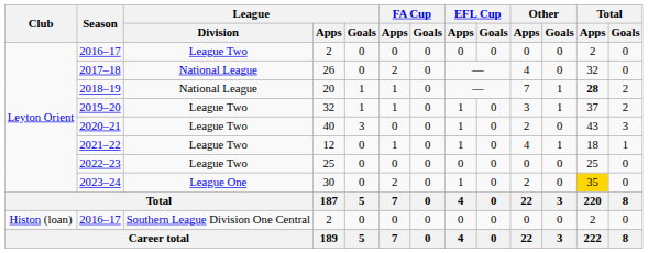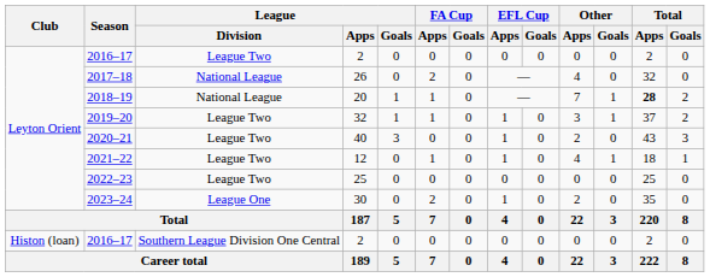 <table class="wikitable" style="text-align:center">
 <tr>
 <th rowspan="2">Club</th>
 <th rowspan="2">Season</th>
 <th colspan="3">League</th>
 <th colspan="2"><a href='#'>FA Cup</a></th>
 <th colspan="2"><a href='#'>EFL Cup</a></th>
 <th colspan="2">Other</th>
 <th colspan="2">Total</th>
 </tr>
 <tr>
 <th>Division</th>
 <th>Apps</th>
 <th>Goals</th>
 <th>Apps</th>
 <th>Goals</th>
 <th>Apps</th>
 <th>Goals</th>
 <th>Apps</th>
 <th>Goals</th>
 <th>Apps</th>
 <th>Goals</th>
 </tr>
 <tr>
 <td rowspan="8"><a href='#'>Leyton Orient</a></td>
 <td><a href='#'>2016–17</a></td>
 <td><a href='#'>League Two</a></td>
 <td>2</td>
 <td>0</td>
 <td>0</td>
 <td>0</td>
 <td>0</td>
 <td>0</td>
 <td>0</td>
 <td>0</td>
 <td>2</td>
 <td>0</td>
 </tr>
 <tr>
 <td><a href='#'>2017–18</a></td>
 <td><a href='#'>National League</a></td>
 <td>26</td>
 <td>0</td>
 <td>2</td>
 <td>0</td>
 <td colspan="2">—</td>
 <td>4</td>
 <td>0</td>
 <td>32</td>
 <td>0</td>
 </tr>
 <tr>
 <td><a href='#'>2018–19</a></td>
 <td>National League</td>
 <td>20</td>
 <td>1</td>
 <td>1</td>
 <td>0</td>
 <td colspan="2">—</td>
 <td>7</td>
 <td>1</td>
 <td><strong>28</strong></td>
 <td>2</td>
 </tr>
 <tr>
 <td><a href='#'>2019–20</a></td>
 <td>League Two</td>
 <td>32</td>
 <td>1</td>
 <td>1</td>
 <td>0</td>
 <td>1</td>
 <td>0</td>
 <td>3</td>
 <td>1</td>
 <td>37</td>
 <td>2</td>
 </tr>
 <tr>
 <td><a href='#'>2020–21</a></td>
 <td>League Two</td>
 <td>40</td>
 <td>3</td>
 <td>0</td>
 <td>0</td>
 <td>1</td>
 <td>0</td>
 <td>2</td>
 <td>0</td>
 <td>43</td>
 <td>3</td>
 </tr>
 <tr>
 <td><a href='#'>2021–22</a></td>
 <td>League Two</td>
 <td>12</td>
 <td>0</td>
 <td>1</td>
 <td>0</td>
 <td>1</td>
 <td>0</td>
 <td>4</td>
 <td>1</td>
 <td>18</td>
 <td>1</td>
 </tr>
 <tr>
 <td><a href='#'>2022–23</a></td>
 <td>League Two</td>
 <td>25</td>
 <td>0</td>
 <td>0</td>
 <td>0</td>
 <td>0</td>
 <td>0</td>
 <td>0</td>
 <td>0</td>
 <td>25</td>
 <td>0</td>
 </tr>
 <tr>
 <td><a href='#'>2023–24</a></td>
 <td><a href='#'>League One</a></td>
 <td>30</td>
 <td>0</td>
 <td>2</td>
 <td>0</td>
 <td>1</td>
 <td>0</td>
 <td>2</td>
 <td>0</td>
-<td style="background: gold;">35</td>
+<td>35</td>
 <td>0</td>
 </tr>
 <tr>
 <th colspan="3">Total</th>
 <th>187</th>
 <th>5</th>
 <th>7</th>
 <th>0</th>
 <th>4</th>
 <th>0</th>
 <th>22</th>
 <th>3</th>
 <th>220</th>
 <th>8</th>
 </tr>
 <tr>
 <td><a href='#'>Histon</a> (loan)</td>
 <td><a href='#'>2016–17</a></td>
 <td><a href='#'>Southern League</a> Division One Central</td>
 <td>2</td>
 <td>0</td>
 <td>0</td>
 <td>0</td>
 <td>0</td>
 <td>0</td>
 <td>0</td>
 <td>0</td>
 <td>2</td>
 <td>0</td>
 </tr>
 <tr>
 <th colspan="3">Career total</th>
 <th>189</th>
 <th>5</th>
 <th>7</th>
 <th>0</th>
 <th>4</th>
 <th>0</th>
 <th>22</th>
 <th>3</th>
 <th>222</th>
 <th>8</th>
 </tr>
 </table>
